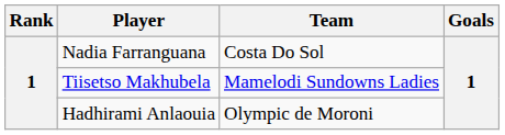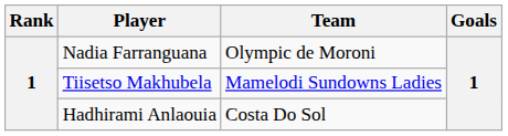 <table class="wikitable" style="text-align:center; font-size:90%">
 <tr>
 <th>Rank</th>
 <th>Player</th>
 <th>Team</th>
 <th>Goals</th>
 </tr>
 <tr>
 <th rowspan=3>1</th>
 <td align=left> Nadia Farranguana</td>
-<td align=left> Costa Do Sol</td>
+<td align=left> Olympic de Moroni</td>
 <th rowspan=3>1</th>
 </tr>
 <tr>
 <td align=left>  <a href='#'>Tiisetso Makhubela</a></td>
 <td align=left> <a href='#'>Mamelodi Sundowns Ladies</a></td>
 </tr>
 <tr>
 <td align=left> Hadhirami Anlaouia</td>
-<td align=left> Olympic de Moroni</td>
+<td align=left> Costa Do Sol</td>
 </tr>
 </table>
